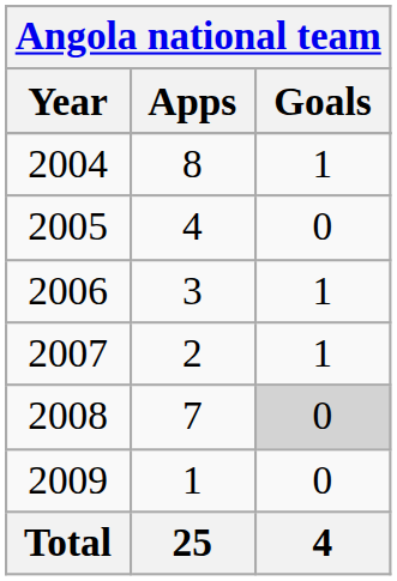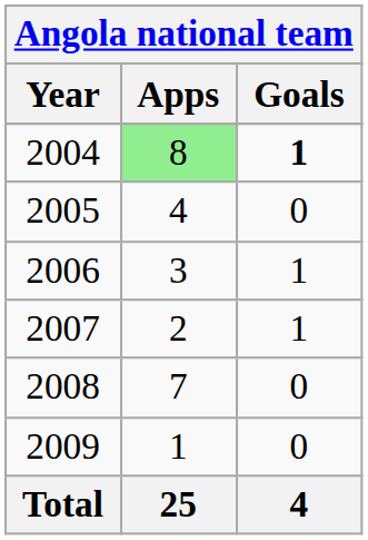 <table class="wikitable" style="text-align:center">
 <tr>
 <th colspan=3><a href='#'>Angola national team</a></th>
 </tr>
 <tr>
 <th>Year</th>
 <th>Apps</th>
 <th>Goals</th>
 </tr>
 <tr>
 </tr>
 <tr>
 <td>2004</td>
-<td>8</td>
-<td>1</td>
+<td style="background: lightgreen;">8</td>
+<td><strong>1</strong></td>
 </tr>
 <tr>
 <td>2005</td>
 <td>4</td>
 <td>0</td>
 </tr>
 <tr>
 <td>2006</td>
 <td>3</td>
 <td>1</td>
 </tr>
 <tr>
 <td>2007</td>
 <td>2</td>
 <td>1</td>
 </tr>
 <tr>
 <td>2008</td>
 <td>7</td>
-<td style="background: lightgrey;">0</td>
+<td>0</td>
 </tr>
 <tr>
 <td>2009</td>
 <td>1</td>
 <td>0</td>
 </tr>
 <tr>
 <th>Total</th>
 <th>25</th>
 <th>4</th>
 </tr>
 </table>
